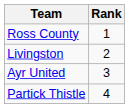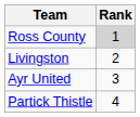 <table class="wikitable" style="text-align: center;">
 <tr>
 <th>Team</th>
 <th>Rank</th>
 </tr>
 <tr>
 <td style="text-align: left;"><a href='#'>Ross County</a></td>
-<td>1</td>
+<td style="background: lightgrey;">1</td>
 </tr>
 <tr>
 <td style="text-align: left;"><a href='#'>Livingston</a></td>
 <td>2</td>
 </tr>
 <tr>
 <td style="text-align: left;"><a href='#'>Ayr United</a></td>
 <td>3</td>
 </tr>
 <tr>
 <td style="text-align: left;"><a href='#'>Partick Thistle</a></td>
 <td>4</td>
 </tr>
 </table>
